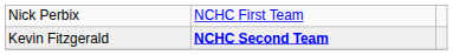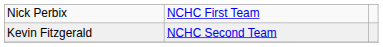 <table class="wikitable" width=40%>
 <tr>
 <td>Nick Perbix</td>
 <td rowspan=1><a href='#'>NCHC First Team</a></td>
 <td rowspan=1></td>
 </tr>
 <tr bgcolor=f0f0f0>
 <td>Kevin Fitzgerald</td>
-<td rowspan=1><strong><a href='#'>NCHC Second Team</a></strong></td>
+<td rowspan=1><a href='#'>NCHC Second Team</a></td>
 <td rowspan=1></td>
 </tr>
 <tr>
 </tr>
 </table>
